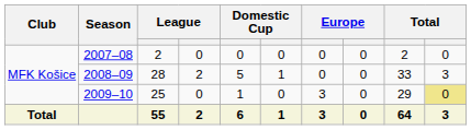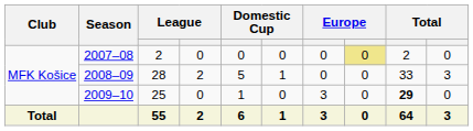 <table class="wikitable" align=center style="font-size:90%; text-align: center;">
 <tr>
 <th rowspan="2">Club</th>
 <th width=60 rowspan="2">Season</th>
 <th width=80 colspan="2">League</th>
 <th width=80 colspan="2">Domestic Cup</th>
 <th width=80 colspan="2"><a href='#'>Europe</a></th>
 <th width=80 colspan="2">Total</th>
 </tr>
 <tr align=center>
 <th width=40 App></th>
 <th width=40 abbr="Goals for"></th>
 <th width=40 App></th>
 <th width=40 abbr="Goals for"></th>
 <th width=40 App></th>
 <th width=40 abbr="Goals for"></th>
 <th width=40 App></th>
 <th width=40 abbr="Goals for"></th>
 </tr>
 <tr align=center>
 <td rowspan="3" valign=center><a href='#'>MFK Košice</a></td>
 <td><a href='#'>2007–08</a></td>
 <td>2</td>
 <td>0</td>
 <td>0</td>
 <td>0</td>
 <td>0</td>
-<td>0</td>
+<td style="background: khaki;">0</td>
 <td>2</td>
 <td>0</td>
 </tr>
 <tr align=center>
 <td><a href='#'>2008–09</a></td>
 <td>28</td>
 <td>2</td>
 <td>5</td>
 <td>1</td>
 <td>0</td>
 <td>0</td>
 <td>33</td>
 <td>3</td>
 </tr>
 <tr align=center>
 <td><a href='#'>2009–10</a></td>
 <td>25</td>
 <td>0</td>
 <td>1</td>
 <td>0</td>
 <td>3</td>
 <td>0</td>
-<td>29</td>
-<td style="background: khaki;">0</td>
+<td><strong>29</strong></td>
+<td>0</td>
 </tr>
 <tr align=center>
 <th align=left style="background:beige">Total</th>
 <th align=left style="background:beige"></th>
 <th align=left style="background:beige">55</th>
 <th align=left style="background:beige">2</th>
 <th align=left style="background:beige">6</th>
 <th align=left style="background:beige">1</th>
 <th align=left style="background:beige">3</th>
 <th align=left style="background:beige">0</th>
 <th align=left style="background:beige">64</th>
 <th align=left style="background:beige">3</th>
 </tr>
 </table>
